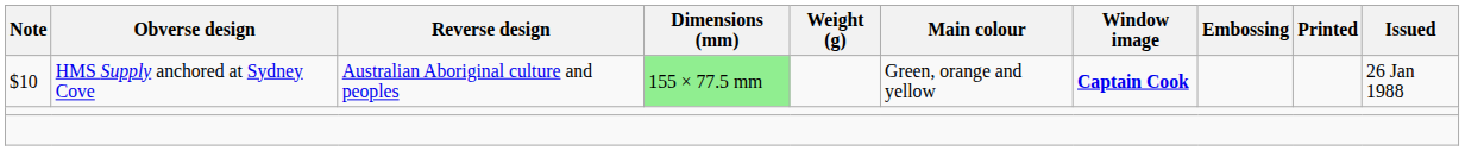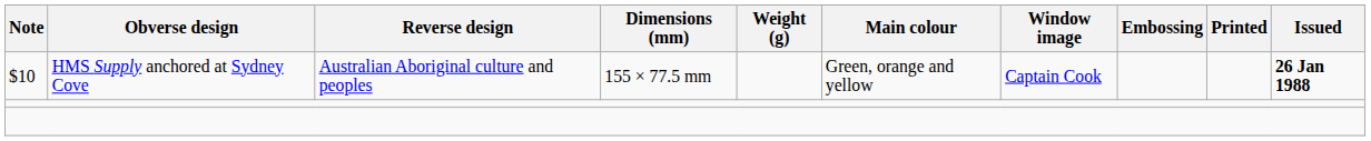 <table class="wikitable">
 <tr>
 <th>Note</th>
 <th>Obverse design</th>
 <th>Reverse design</th>
 <th>Dimensions (mm)</th>
 <th>Weight (g)</th>
 <th>Main colour</th>
 <th>Window image</th>
 <th>Embossing</th>
 <th>Printed</th>
 <th>Issued</th>
 </tr>
 <tr>
 <td>$10</td>
 <td><a href='#'>HMS <em>Supply</em></a> anchored at <a href='#'>Sydney Cove</a></td>
 <td><a href='#'>Australian Aboriginal culture</a> and <a href='#'>peoples</a></td>
-<td style="background: lightgreen;">155 × 77.5 mm</td>
+<td>155 × 77.5 mm</td>
 <td></td>
 <td>Green, orange and yellow</td>
-<td><strong><a href='#'>Captain Cook</a></strong></td>
+<td><a href='#'>Captain Cook</a></td>
 <td></td>
 <td></td>
-<td>26 Jan 1988</td>
+<td><strong>26 Jan 1988</strong></td>
 </tr>
 <tr>
 <td colspan="12"></td>
 </tr>
 <tr>
 <td colspan="12"><br></td>
 </tr>
 </table>
